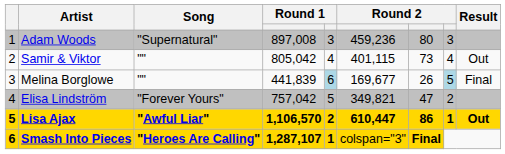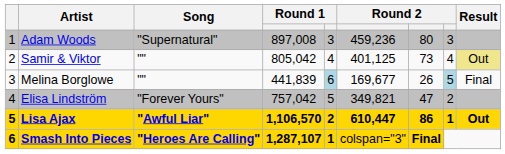 <table class="sortable wikitable" style="margin: 1em auto 1em auto; text-align:center;">
 <tr>
 <th rowspan="2"></th>
 <th rowspan="2">Artist</th>
 <th rowspan="2">Song</th>
 <th colspan="2">Round 1</th>
 <th colspan="3">Round 2</th>
 <th rowspan="2" class="unsortable">Result</th>
 </tr>
 <tr>
 <th><small></small></th>
 <th><small></small></th>
 <th><small></small></th>
 <th><small></small></th>
 <th><small></small></th>
 </tr>
 <tr style="background:silver;">
 <td>1</td>
 <td align="left"><a href='#'>Adam Woods</a></td>
 <td align="left">"Supernatural"</td>
 <td>897,008</td>
 <td>3</td>
 <td>459,236</td>
 <td>80</td>
 <td>3</td>
 <td><strong></strong></td>
 </tr>
 <tr>
 <td>2</td>
 <td align="left"><a href='#'>Samir & Viktor</a></td>
 <td align="left">""</td>
 <td>805,042</td>
 <td>4</td>
-<td>401,115</td>
+<td>401,125</td>
 <td>73</td>
 <td>4</td>
-<td>Out</td>
+<td style="background: khaki;">Out</td>
 </tr>
 <tr>
 <td>3</td>
 <td align="left">Melina Borglowe</td>
 <td align="left">""</td>
 <td>441,839</td>
 <td style="background: lightblue;">6</td>
 <td>169,677</td>
 <td>26</td>
 <td style="background: lightblue;">5</td>
 <td>Final</td>
 </tr>
 <tr style="background:silver;">
 <td>4</td>
 <td align="left"><a href='#'>Elisa Lindström</a></td>
 <td align="left">"Forever Yours"</td>
 <td>757,042</td>
 <td>5</td>
 <td>349,821</td>
 <td>47</td>
 <td>2</td>
 <td><strong></strong></td>
 </tr>
 <tr style="background:gold; font-weight:bold;">
 <td>5</td>
 <td align="left"><a href='#'>Lisa Ajax</a></td>
 <td align="left">"<a href='#'>Awful Liar</a>"</td>
 <td>1,106,570</td>
 <td>2</td>
 <td>610,447</td>
 <td>86</td>
 <td>1</td>
 <td>Out</td>
 </tr>
 <tr style="background:gold;">
 <td><strong>6</strong></td>
 <td align="left"><strong><a href='#'>Smash Into Pieces</a></strong></td>
 <td align="left"><strong>"<a href='#'>Heroes Are Calling</a>"</strong></td>
 <td><strong>1,287,107</strong></td>
 <td><strong>1</strong></td>
 <td>colspan="3" </td>
 <td><strong>Final</strong></td>
 </tr>
 </table>
